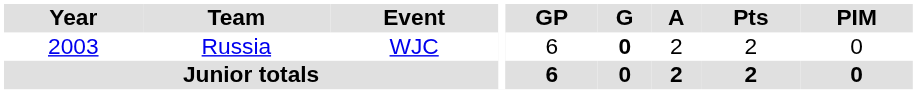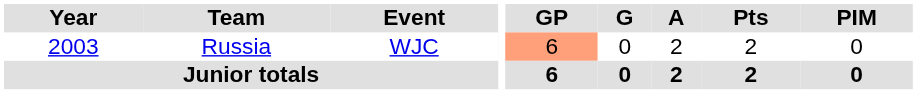 <table border="0" cellpadding="1" cellspacing="0" ID="Table3" style="text-align:center; width:40em">
 <tr ALIGN="center" bgcolor="#e0e0e0">
 <th>Year</th>
 <th>Team</th>
 <th>Event</th>
 <th rowspan="99" bgcolor="#ffffff"></th>
 <th>GP</th>
 <th>G</th>
 <th>A</th>
 <th>Pts</th>
 <th>PIM</th>
 </tr>
 <tr>
 <td><a href='#'>2003</a></td>
 <td><a href='#'>Russia</a></td>
 <td><a href='#'>WJC</a></td>
-<td>6</td>
-<td><strong>0</strong></td>
+<td style="background: lightsalmon;">6</td>
+<td>0</td>
 <td>2</td>
 <td>2</td>
 <td>0</td>
 </tr>
 <tr bgcolor="#e0e0e0">
 <th colspan="3">Junior totals</th>
 <th>6</th>
 <th>0</th>
 <th>2</th>
 <th>2</th>
 <th>0</th>
 </tr>
 </table>
